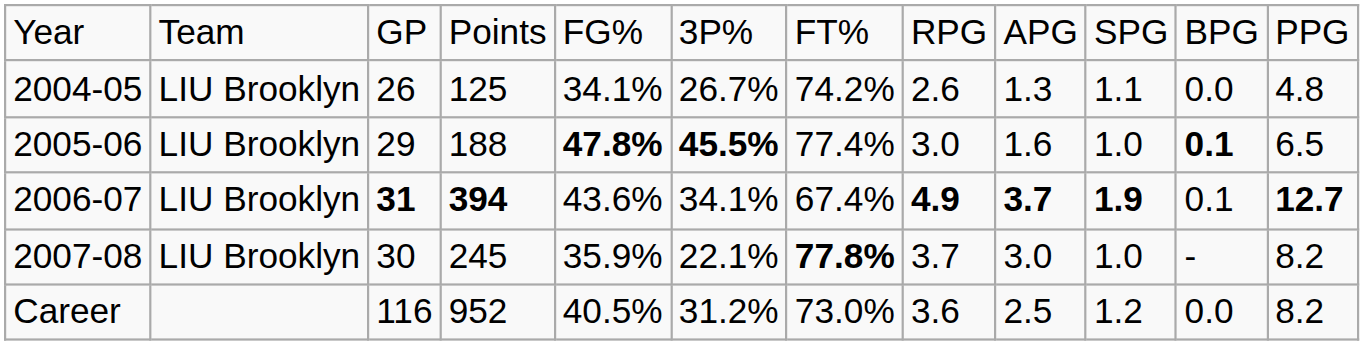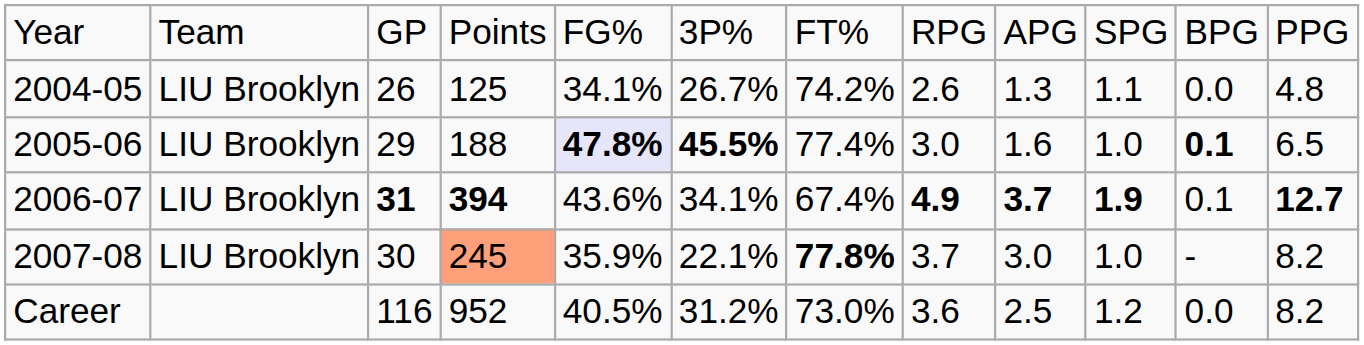 <table class="wikitable">
 <tr>
 <td>Year</td>
 <td>Team</td>
 <td>GP</td>
 <td>Points</td>
 <td>FG%</td>
 <td>3P%</td>
 <td>FT%</td>
 <td>RPG</td>
 <td>APG</td>
 <td>SPG</td>
 <td>BPG</td>
 <td>PPG</td>
 </tr>
 <tr>
 <td>2004-05</td>
 <td>LIU Brooklyn</td>
 <td>26</td>
 <td>125</td>
 <td>34.1%</td>
 <td>26.7%</td>
 <td>74.2%</td>
 <td>2.6</td>
 <td>1.3</td>
 <td>1.1</td>
 <td>0.0</td>
 <td>4.8</td>
 </tr>
 <tr>
 <td>2005-06</td>
 <td>LIU Brooklyn</td>
 <td>29</td>
 <td>188</td>
-<td><strong>47.8%</strong></td>
+<td style="background: lavender;"><strong>47.8%</strong></td>
 <td><strong>45.5%</strong></td>
 <td>77.4%</td>
 <td>3.0</td>
 <td>1.6</td>
 <td>1.0</td>
 <td><strong>0.1</strong></td>
 <td>6.5</td>
 </tr>
 <tr>
 <td>2006-07</td>
 <td>LIU Brooklyn</td>
 <td><strong>31</strong></td>
 <td><strong>394</strong></td>
 <td>43.6%</td>
 <td>34.1%</td>
 <td>67.4%</td>
 <td><strong>4.9</strong></td>
 <td><strong>3.7</strong></td>
 <td><strong>1.9</strong></td>
 <td>0.1</td>
 <td><strong>12.7</strong></td>
 </tr>
 <tr>
 <td>2007-08</td>
 <td>LIU Brooklyn</td>
 <td>30</td>
-<td>245</td>
+<td style="background: lightsalmon;">245</td>
 <td>35.9%</td>
 <td>22.1%</td>
 <td><strong>77.8%</strong></td>
 <td>3.7</td>
 <td>3.0</td>
 <td>1.0</td>
 <td>-</td>
 <td>8.2</td>
 </tr>
 <tr>
 <td>Career</td>
 <td></td>
 <td>116</td>
 <td>952</td>
 <td>40.5%</td>
 <td>31.2%</td>
 <td>73.0%</td>
 <td>3.6</td>
 <td>2.5</td>
 <td>1.2</td>
 <td>0.0</td>
 <td>8.2</td>
 </tr>
 </table>
